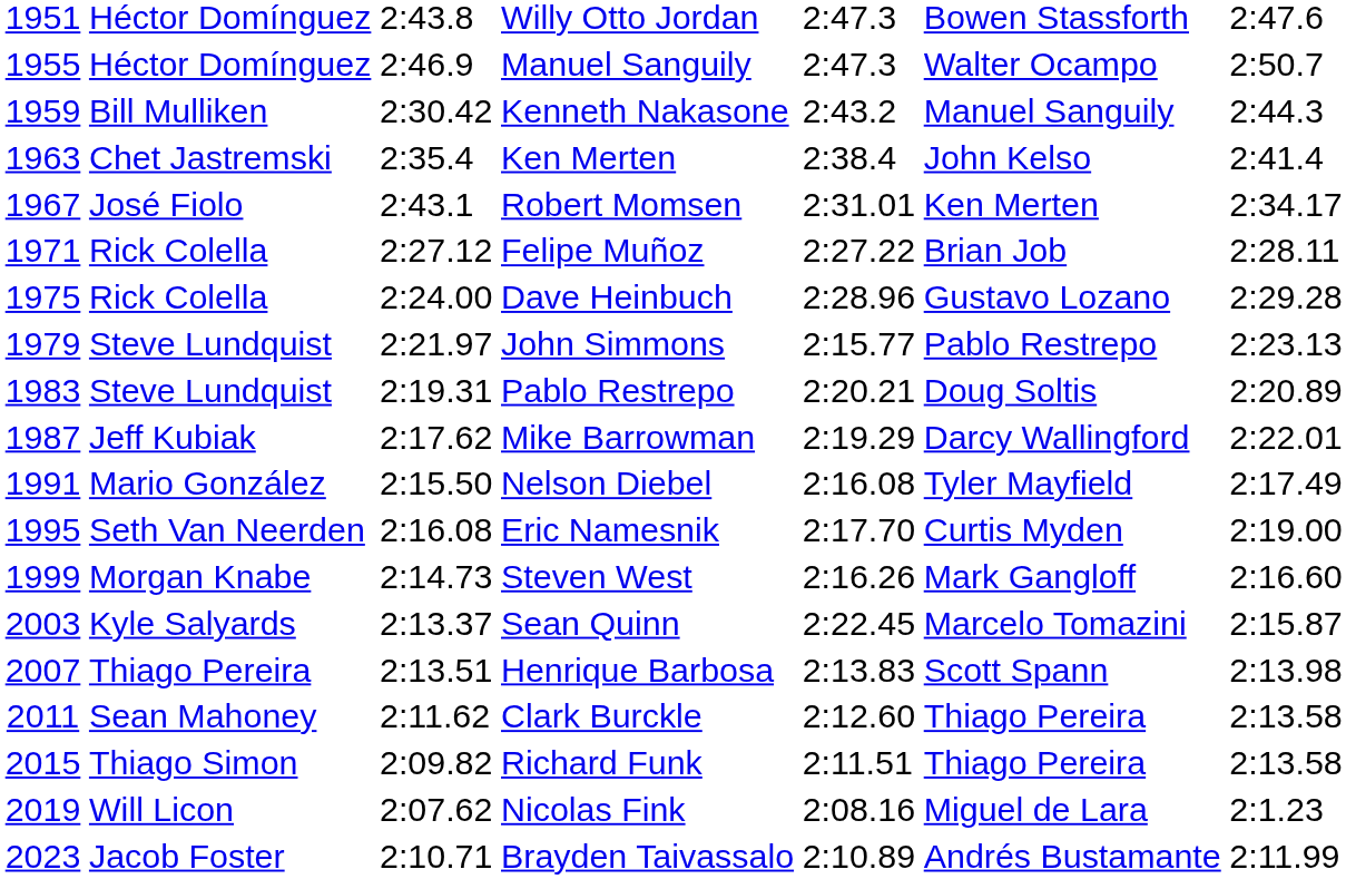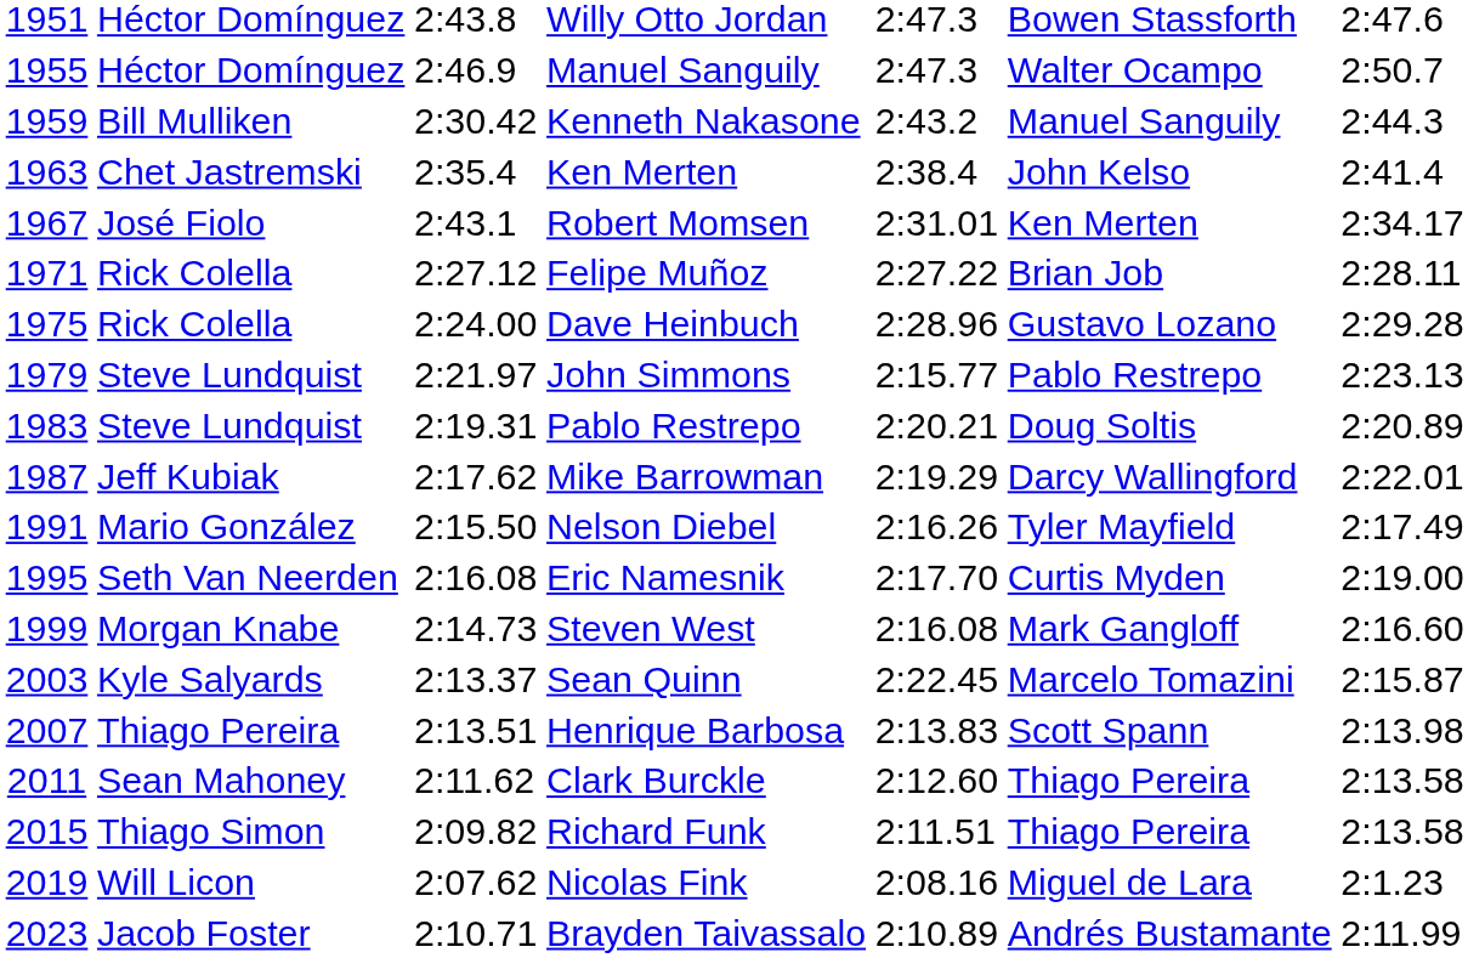 <table>
 <tr>
 <td align=center><a href='#'>1951</a></td>
 <td> <a href='#'>Héctor Domínguez</a></td>
 <td>2:43.8</td>
 <td> <a href='#'>Willy Otto Jordan</a></td>
 <td>2:47.3</td>
 <td> <a href='#'>Bowen Stassforth</a></td>
 <td>2:47.6</td>
 </tr>
 <tr>
 <td align=center><a href='#'>1955</a></td>
 <td> <a href='#'>Héctor Domínguez</a></td>
 <td>2:46.9</td>
 <td> <a href='#'>Manuel Sanguily</a></td>
 <td>2:47.3</td>
 <td> <a href='#'>Walter Ocampo</a></td>
 <td>2:50.7</td>
 </tr>
 <tr>
 <td align=center><a href='#'>1959</a></td>
 <td> <a href='#'>Bill Mulliken</a></td>
 <td>2:30.42</td>
 <td> <a href='#'>Kenneth Nakasone</a></td>
 <td>2:43.2</td>
 <td> <a href='#'>Manuel Sanguily</a></td>
 <td>2:44.3</td>
 </tr>
 <tr>
 <td align=center><a href='#'>1963</a></td>
 <td> <a href='#'>Chet Jastremski</a></td>
 <td>2:35.4</td>
 <td> <a href='#'>Ken Merten</a></td>
 <td>2:38.4</td>
 <td> <a href='#'>John Kelso</a></td>
 <td>2:41.4</td>
 </tr>
 <tr>
 <td align=center><a href='#'>1967</a></td>
 <td> <a href='#'>José Fiolo</a></td>
 <td>2:43.1</td>
 <td> <a href='#'>Robert Momsen</a></td>
 <td>2:31.01</td>
 <td> <a href='#'>Ken Merten</a></td>
 <td>2:34.17</td>
 </tr>
 <tr>
 <td align=center><a href='#'>1971</a></td>
 <td> <a href='#'>Rick Colella</a></td>
 <td>2:27.12</td>
 <td> <a href='#'>Felipe Muñoz</a></td>
 <td>2:27.22</td>
 <td> <a href='#'>Brian Job</a></td>
 <td>2:28.11</td>
 </tr>
 <tr>
 <td align=center><a href='#'>1975</a></td>
 <td> <a href='#'>Rick Colella</a></td>
 <td>2:24.00</td>
 <td> <a href='#'>Dave Heinbuch</a></td>
 <td>2:28.96</td>
 <td> <a href='#'>Gustavo Lozano</a></td>
 <td>2:29.28</td>
 </tr>
 <tr>
 <td align=center><a href='#'>1979</a></td>
 <td> <a href='#'>Steve Lundquist</a></td>
 <td>2:21.97</td>
 <td> <a href='#'>John Simmons</a></td>
 <td>2:15.77</td>
 <td> <a href='#'>Pablo Restrepo</a></td>
 <td>2:23.13</td>
 </tr>
 <tr>
 <td align=center><a href='#'>1983</a></td>
 <td> <a href='#'>Steve Lundquist</a></td>
 <td>2:19.31</td>
 <td> <a href='#'>Pablo Restrepo</a></td>
 <td>2:20.21</td>
 <td> <a href='#'>Doug Soltis</a></td>
 <td>2:20.89</td>
 </tr>
 <tr>
 <td align=center><a href='#'>1987</a></td>
 <td> <a href='#'>Jeff Kubiak</a></td>
 <td>2:17.62</td>
 <td> <a href='#'>Mike Barrowman</a></td>
 <td>2:19.29</td>
 <td> <a href='#'>Darcy Wallingford</a></td>
 <td>2:22.01</td>
 </tr>
 <tr>
 <td align=center><a href='#'>1991</a></td>
 <td> <a href='#'>Mario González</a></td>
 <td>2:15.50</td>
 <td> <a href='#'>Nelson Diebel</a></td>
-<td>2:16.08</td>
+<td>2:16.26</td>
 <td> <a href='#'>Tyler Mayfield</a></td>
 <td>2:17.49</td>
 </tr>
 <tr>
 <td align=center><a href='#'>1995</a></td>
 <td> <a href='#'>Seth Van Neerden</a></td>
 <td>2:16.08</td>
 <td> <a href='#'>Eric Namesnik</a></td>
 <td>2:17.70</td>
 <td> <a href='#'>Curtis Myden</a></td>
 <td>2:19.00</td>
 </tr>
 <tr>
 <td align=center><a href='#'>1999</a></td>
 <td> <a href='#'>Morgan Knabe</a></td>
 <td>2:14.73</td>
 <td> <a href='#'>Steven West</a></td>
-<td>2:16.26</td>
+<td>2:16.08</td>
 <td> <a href='#'>Mark Gangloff</a></td>
 <td>2:16.60</td>
 </tr>
 <tr>
 <td align=center><a href='#'>2003</a></td>
 <td> <a href='#'>Kyle Salyards</a></td>
 <td>2:13.37</td>
 <td> <a href='#'>Sean Quinn</a></td>
 <td>2:22.45</td>
 <td> <a href='#'>Marcelo Tomazini</a></td>
 <td>2:15.87</td>
 </tr>
 <tr>
 <td align=center><a href='#'>2007</a></td>
 <td> <a href='#'>Thiago Pereira</a></td>
 <td>2:13.51</td>
 <td> <a href='#'>Henrique Barbosa</a></td>
 <td>2:13.83</td>
 <td> <a href='#'>Scott Spann</a></td>
 <td>2:13.98</td>
 </tr>
 <tr>
 <td align=center><a href='#'>2011</a></td>
 <td> <a href='#'>Sean Mahoney</a></td>
 <td>2:11.62</td>
 <td> <a href='#'>Clark Burckle</a></td>
 <td>2:12.60</td>
 <td> <a href='#'>Thiago Pereira</a></td>
 <td>2:13.58</td>
 </tr>
 <tr>
 <td align=center><a href='#'>2015</a></td>
 <td> <a href='#'>Thiago Simon</a></td>
 <td>2:09.82</td>
 <td> <a href='#'>Richard Funk</a></td>
 <td>2:11.51</td>
 <td> <a href='#'>Thiago Pereira</a></td>
 <td>2:13.58</td>
 </tr>
 <tr>
 <td align=center><a href='#'>2019</a></td>
 <td> <a href='#'>Will Licon</a></td>
 <td>2:07.62</td>
 <td> <a href='#'>Nicolas Fink</a></td>
 <td>2:08.16</td>
 <td> <a href='#'>Miguel de Lara</a></td>
 <td>2:1.23</td>
 </tr>
 <tr>
 <td align=center><a href='#'>2023</a></td>
 <td> <a href='#'>Jacob Foster</a></td>
 <td>2:10.71</td>
 <td> <a href='#'>Brayden Taivassalo</a></td>
 <td>2:10.89</td>
 <td> <a href='#'>Andrés Bustamante</a></td>
 <td>2:11.99</td>
 </tr>
 </table>
